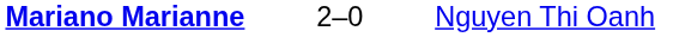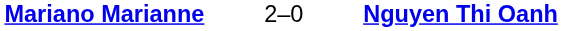 <table>
 <tr>
 <th width=400></th>
 <th width=100></th>
 <th width=400></th>
 </tr>
 <tr>
 <td align=right><strong><a href='#'>Mariano Marianne</a> </strong></td>
 <td align=center>2–0</td>
-<td> <a href='#'>Nguyen Thi Oanh</a></td>
+<td><strong> <a href='#'>Nguyen Thi Oanh</a></strong></td>
 </tr>
 </table>
